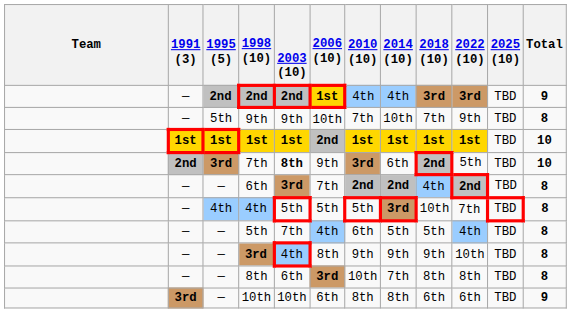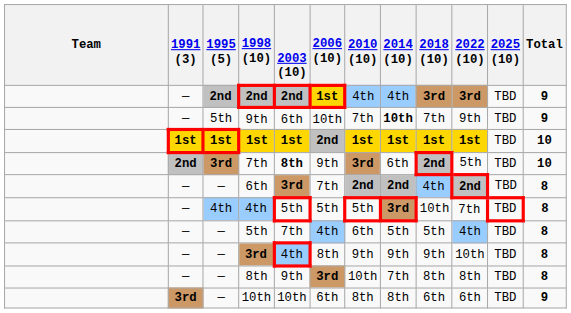 <table class="wikitable" style="text-align:center; font-size:90%">
 <tr>
 <th width=150>Team</th>
 <th><br><a href='#'>1991</a><br>(3)</th>
 <th><br><a href='#'>1995</a><br>(5)</th>
 <th><br><a href='#'>1998</a><br>(10)</th>
 <th><br><br><br><a href='#'>2003</a><br>(10)</th>
 <th><br><a href='#'>2006</a><br>(10)</th>
 <th><br><a href='#'>2010</a><br>(10)</th>
 <th><br><a href='#'>2014</a><br>(10)</th>
 <th><br><a href='#'>2018</a><br>(10)</th>
 <th><br><a href='#'>2022</a><br>(10)</th>
 <th><br><a href='#'>2025</a><br>(10)</th>
 <th>Total</th>
 </tr>
 <tr>
 <td align=left></td>
 <td>—</td>
 <td bgcolor=Silver><strong>2nd</strong></td>
 <td style="border: 3px solid red" bgcolor=Silver><strong>2nd</strong></td>
 <td style="border: 3px solid red" bgcolor=Silver><strong>2nd</strong></td>
 <td style="border: 3px solid red" bgcolor=Gold><strong>1st</strong></td>
 <td bgcolor=#9acdff>4th</td>
 <td bgcolor=#9acdff>4th</td>
 <td bgcolor=#cc9966><strong>3rd</strong></td>
 <td bgcolor=#cc9966><strong>3rd</strong></td>
 <td>TBD</td>
 <td><strong>9</strong></td>
 </tr>
 <tr>
 <td align=left></td>
 <td>—</td>
 <td>5th</td>
 <td>9th</td>
-<td>9th</td>
+<td>6th</td>
 <td>10th</td>
 <td>7th</td>
-<td>10th</td>
+<td><strong>10th</strong></td>
 <td>7th</td>
 <td>9th</td>
 <td>TBD</td>
-<td><strong>8</strong></td>
+<td><strong>9</strong></td>
 </tr>
 <tr>
 <td align=left></td>
 <td style="border: 3px solid red" bgcolor=Gold><strong>1st</strong></td>
 <td style="border: 3px solid red" bgcolor=Gold><strong>1st</strong></td>
 <td bgcolor=Gold><strong>1st</strong></td>
 <td bgcolor=Gold><strong>1st</strong></td>
 <td bgcolor=Silver><strong>2nd</strong></td>
 <td bgcolor=Gold><strong>1st</strong></td>
 <td bgcolor=Gold><strong>1st</strong></td>
 <td bgcolor=Gold><strong>1st</strong></td>
 <td bgcolor=Gold><strong>1st</strong></td>
 <td>TBD</td>
 <td><strong>10</strong></td>
 </tr>
 <tr>
 <td align=left></td>
 <td bgcolor=Silver><strong>2nd</strong></td>
 <td bgcolor=#cc9966><strong>3rd</strong></td>
 <td>7th</td>
 <td><strong>8th</strong></td>
 <td>9th</td>
 <td bgcolor=#cc9966><strong>3rd</strong></td>
 <td>6th</td>
 <td style="border: 3px solid red" bgcolor=Silver><strong>2nd</strong></td>
 <td>5th</td>
 <td>TBD</td>
 <td><strong>10</strong></td>
 </tr>
 <tr>
 <td align=left></td>
 <td>—</td>
 <td>—</td>
 <td>6th</td>
 <td bgcolor=#cc9966><strong>3rd</strong></td>
 <td>7th</td>
 <td bgcolor=Silver><strong>2nd</strong></td>
 <td bgcolor=Silver><strong>2nd</strong></td>
 <td bgcolor=#9acdff>4th</td>
 <td style="border: 3px solid red" bgcolor=Silver><strong>2nd</strong></td>
 <td>TBD</td>
 <td><strong>8</strong></td>
 </tr>
 <tr>
 <td align=left></td>
 <td>—</td>
 <td bgcolor=#9acdff>4th</td>
 <td bgcolor=#9acdff>4th</td>
 <td style="border: 3px solid red">5th</td>
 <td>5th</td>
 <td style="border: 3px solid red">5th</td>
 <td style="border: 3px solid red" bgcolor=cc9966><strong>3rd</strong></td>
 <td>10th</td>
 <td>7th</td>
 <td style="border: 3px solid red">TBD</td>
 <td><strong>8</strong></td>
 </tr>
 <tr>
 <td align=left></td>
 <td>—</td>
 <td>—</td>
 <td>5th</td>
 <td>7th</td>
 <td bgcolor=#9acdff>4th</td>
 <td>6th</td>
 <td>5th</td>
 <td>5th</td>
 <td bgcolor=#9acdff>4th</td>
 <td>TBD</td>
 <td><strong>8</strong></td>
 </tr>
 <tr>
 <td align=left></td>
 <td>—</td>
 <td>—</td>
 <td bgcolor=#cc9966><strong>3rd</strong></td>
 <td bgcolor=#9acdff style="border:3px solid red">4th</td>
 <td>8th</td>
 <td>9th</td>
 <td>9th</td>
 <td>9th</td>
 <td>10th</td>
 <td>TBD</td>
 <td><strong>8</strong></td>
 </tr>
 <tr>
 <td align=left></td>
 <td>—</td>
 <td>—</td>
 <td>8th</td>
-<td>6th</td>
+<td>9th</td>
 <td bgcolor=#cc9966><strong>3rd</strong></td>
 <td>10th</td>
 <td>7th</td>
 <td>8th</td>
 <td>8th</td>
 <td>TBD</td>
 <td><strong>8</strong></td>
 </tr>
 <tr>
 <td align=left></td>
 <td bgcolor=#cc9966><strong>3rd</strong></td>
 <td>—</td>
 <td>10th</td>
 <td>10th</td>
 <td>6th</td>
 <td>8th</td>
 <td>8th</td>
 <td>6th</td>
 <td>6th</td>
 <td>TBD</td>
 <td><strong>9</strong></td>
 </tr>
 </table>
